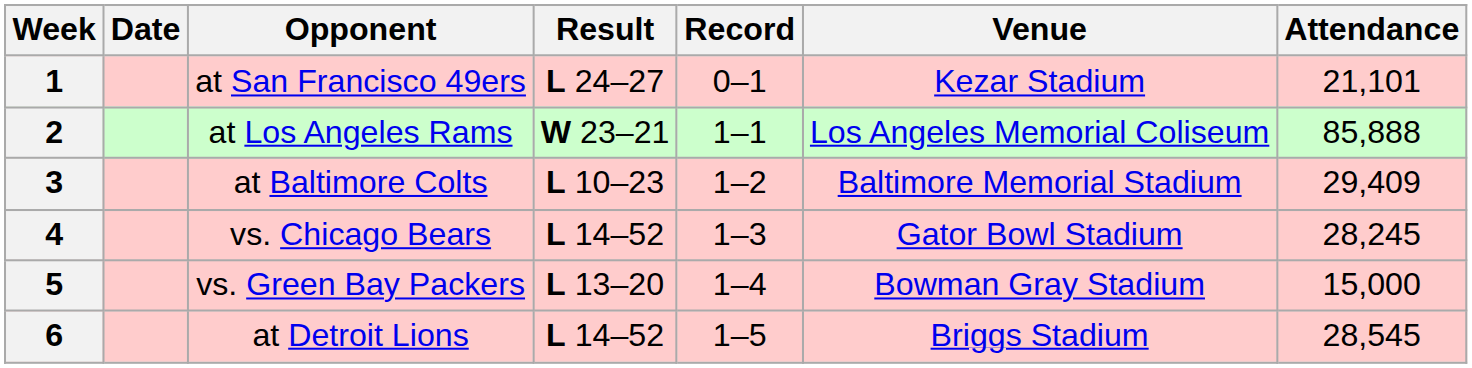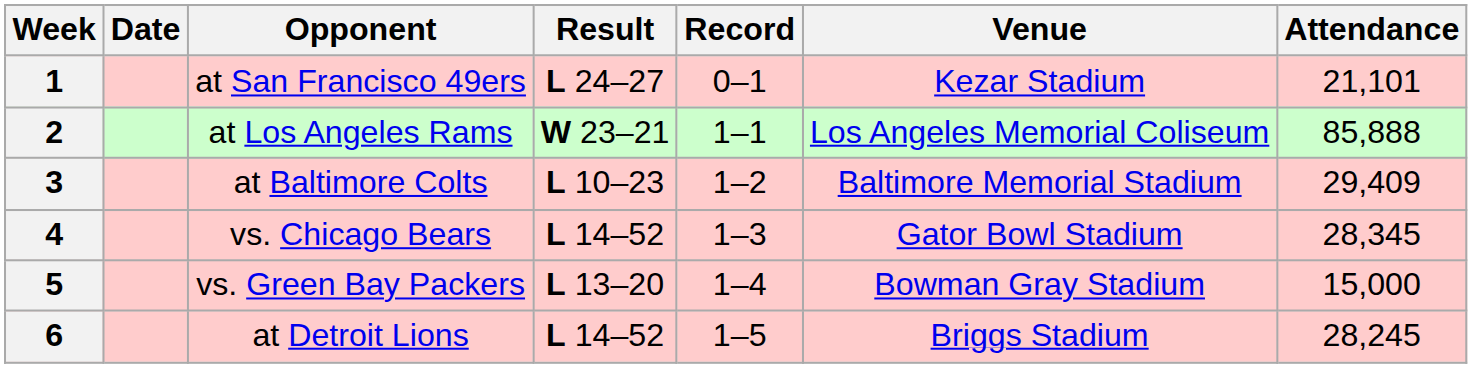 <table class="wikitable" style="text-align:center">
 <tr>
 <th>Week</th>
 <th>Date</th>
 <th>Opponent</th>
 <th>Result</th>
 <th>Record</th>
 <th>Venue</th>
 <th>Attendance</th>
 </tr>
 <tr style="background:#fcc;">
 <th>1</th>
 <td></td>
 <td>at <a href='#'>San Francisco 49ers</a></td>
 <td><strong>L</strong> 24–27</td>
 <td>0–1</td>
 <td><a href='#'>Kezar Stadium</a></td>
 <td>21,101</td>
 </tr>
 <tr style="background:#cfc;">
 <th>2</th>
 <td></td>
 <td>at <a href='#'>Los Angeles Rams</a></td>
 <td><strong>W</strong> 23–21</td>
 <td>1–1</td>
 <td><a href='#'>Los Angeles Memorial Coliseum</a></td>
 <td>85,888</td>
 </tr>
 <tr style="background:#fcc;">
 <th>3</th>
 <td></td>
 <td>at <a href='#'>Baltimore Colts</a></td>
 <td><strong>L</strong> 10–23</td>
 <td>1–2</td>
 <td><a href='#'>Baltimore Memorial Stadium</a></td>
 <td>29,409</td>
 </tr>
 <tr style="background:#fcc;">
 <th>4</th>
 <td></td>
 <td>vs. <a href='#'>Chicago Bears</a></td>
 <td><strong>L</strong> 14–52</td>
 <td>1–3</td>
 <td><a href='#'>Gator Bowl Stadium</a> </td>
-<td>28,245</td>
+<td>28,345</td>
 </tr>
 <tr style="background:#fcc;">
 <th>5</th>
 <td></td>
 <td>vs. <a href='#'>Green Bay Packers</a></td>
 <td><strong>L</strong> 13–20</td>
 <td>1–4</td>
 <td><a href='#'>Bowman Gray Stadium</a> </td>
 <td>15,000</td>
 </tr>
 <tr style="background:#fcc;">
 <th>6</th>
 <td></td>
 <td>at <a href='#'>Detroit Lions</a></td>
 <td><strong>L</strong> 14–52</td>
 <td>1–5</td>
 <td><a href='#'>Briggs Stadium</a></td>
-<td>28,545</td>
+<td>28,245</td>
 </tr>
 </table>
